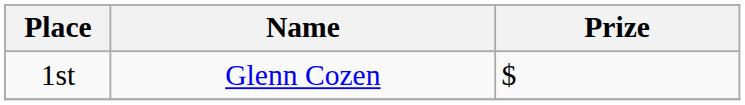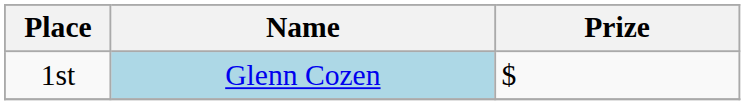 <table class="wikitable">
 <tr>
 <th width="50">Place</th>
 <th width="200">Name</th>
 <th width="125">Prize</th>
 </tr>
 <tr>
 <td align = "center">1st</td>
-<td align = "center"><a href='#'>Glenn Cozen</a></td>
+<td align = "center" style="background: lightblue;"><a href='#'>Glenn Cozen</a></td>
 <td>$</td>
 </tr>
 <tr>
 </tr>
 </table>
